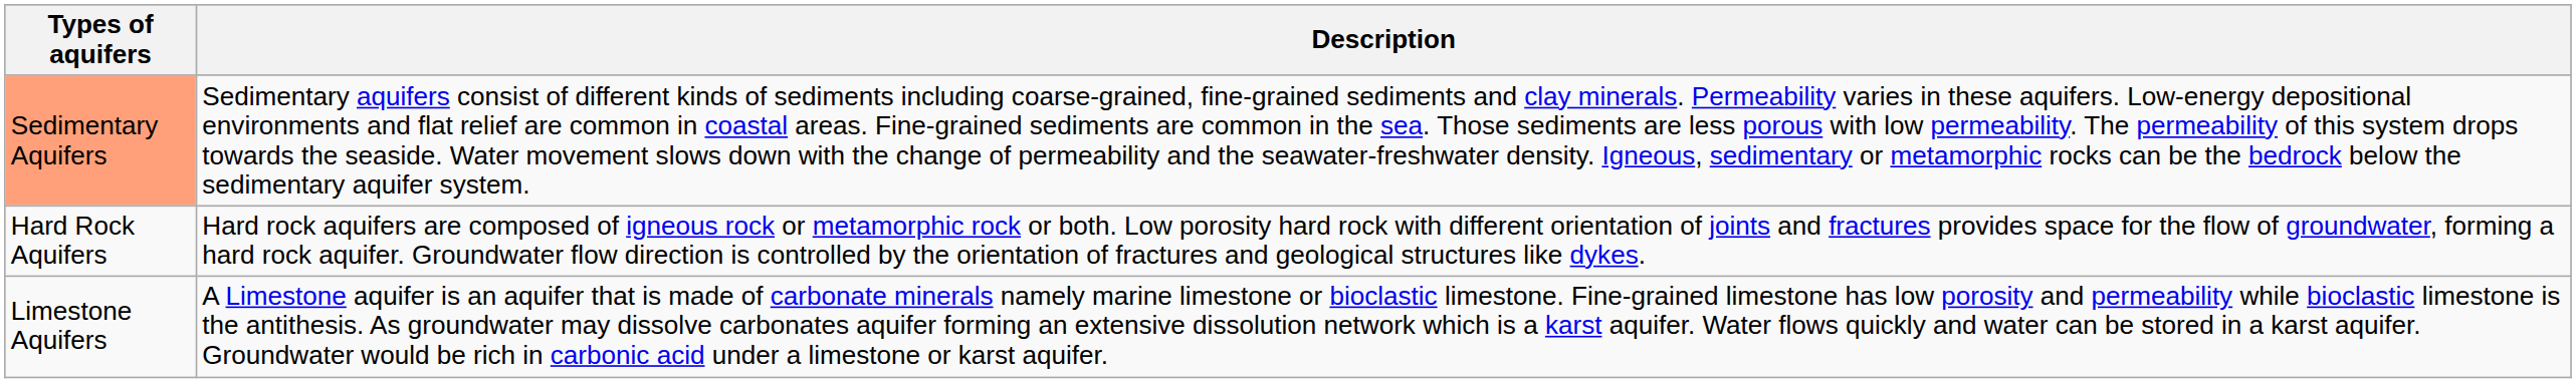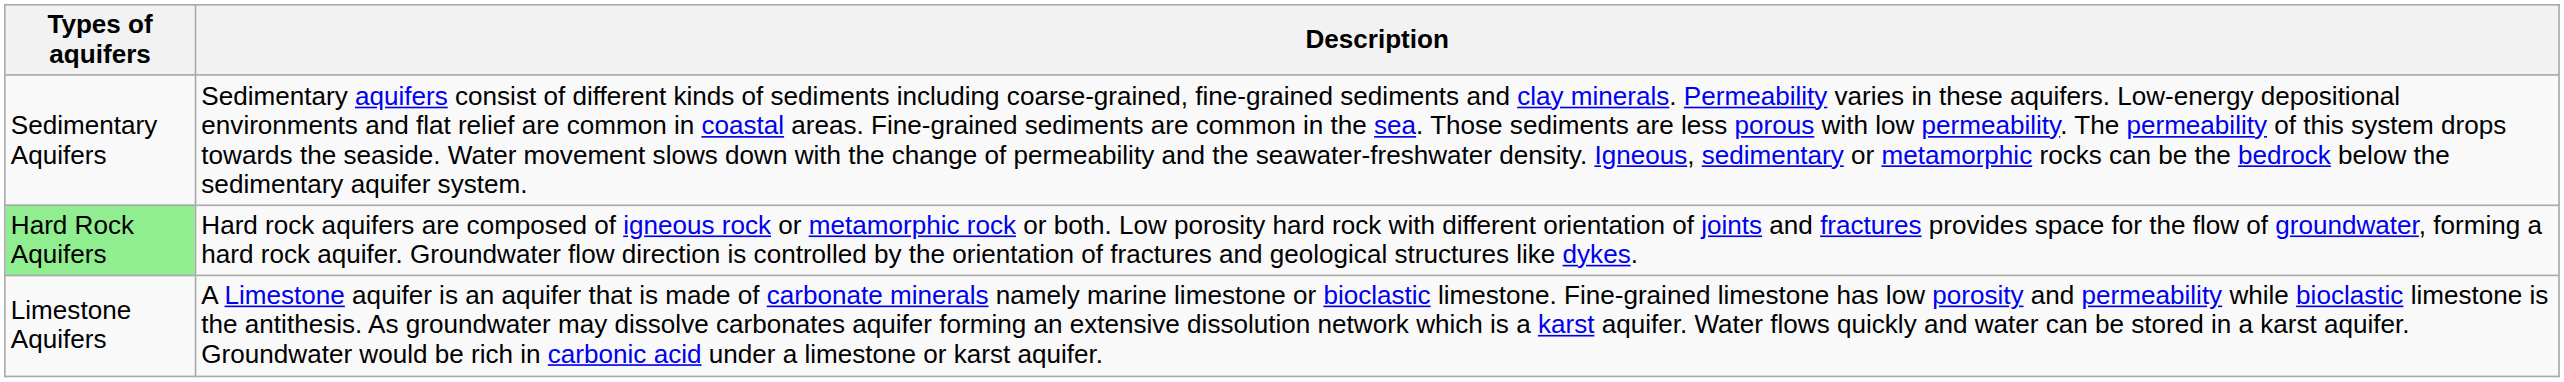 <table class="wikitable mw-collapsible">
 <tr>
 <th>Types of aquifers</th>
 <th>Description</th>
 </tr>
 <tr>
-<td style="background: lightsalmon;">Sedimentary Aquifers</td>
+<td>Sedimentary Aquifers</td>
 <td>Sedimentary <a href='#'>aquifers</a> consist of different kinds of sediments including coarse-grained, fine-grained sediments and <a href='#'>clay minerals</a>. <a href='#'>Permeability</a> varies in these aquifers. Low-energy depositional environments and flat relief are common in <a href='#'>coastal</a> areas. Fine-grained sediments are common in the <a href='#'>sea</a>. Those sediments are less <a href='#'>porous</a> with low <a href='#'>permeability</a>. The <a href='#'>permeability</a> of this system drops towards the seaside. Water movement slows down with the change of permeability and the seawater-freshwater density. <a href='#'>Igneous</a>, <a href='#'>sedimentary</a> or <a href='#'>metamorphic</a> rocks can be the <a href='#'>bedrock</a> below the sedimentary aquifer system.</td>
 </tr>
 <tr>
-<td>Hard Rock Aquifers</td>
+<td style="background: lightgreen;">Hard Rock Aquifers</td>
 <td>Hard rock aquifers are composed of <a href='#'>igneous rock</a> or <a href='#'>metamorphic rock</a> or both. Low porosity hard rock with different orientation of <a href='#'>joints</a> and <a href='#'>fractures</a> provides space for the flow of <a href='#'>groundwater</a>, forming a hard rock aquifer. Groundwater flow direction is controlled by the orientation of fractures and geological structures like <a href='#'>dykes</a>.</td>
 </tr>
 <tr>
 <td>Limestone Aquifers</td>
 <td>A <a href='#'>Limestone</a> aquifer is an aquifer that is made of <a href='#'>carbonate minerals</a> namely marine limestone or <a href='#'>bioclastic</a> limestone. Fine-grained limestone has low <a href='#'>porosity</a> and <a href='#'>permeability</a> while <a href='#'>bioclastic</a> limestone is the antithesis. As groundwater may dissolve carbonates aquifer forming an extensive dissolution network which is a <a href='#'>karst</a> aquifer. Water flows quickly and water can be stored in a karst aquifer. Groundwater would be rich in <a href='#'>carbonic acid</a> under a limestone or karst aquifer.</td>
 </tr>
 </table>
